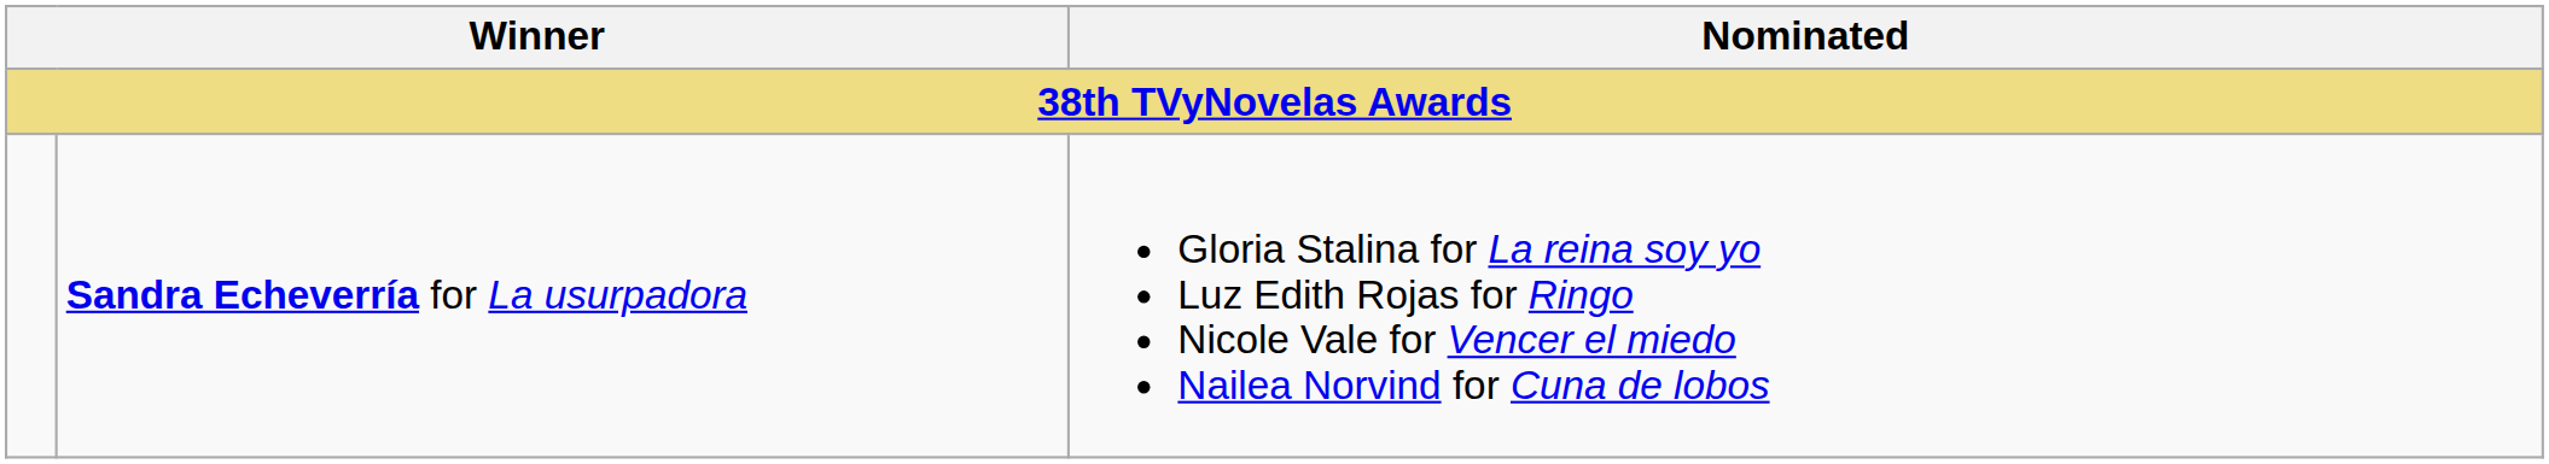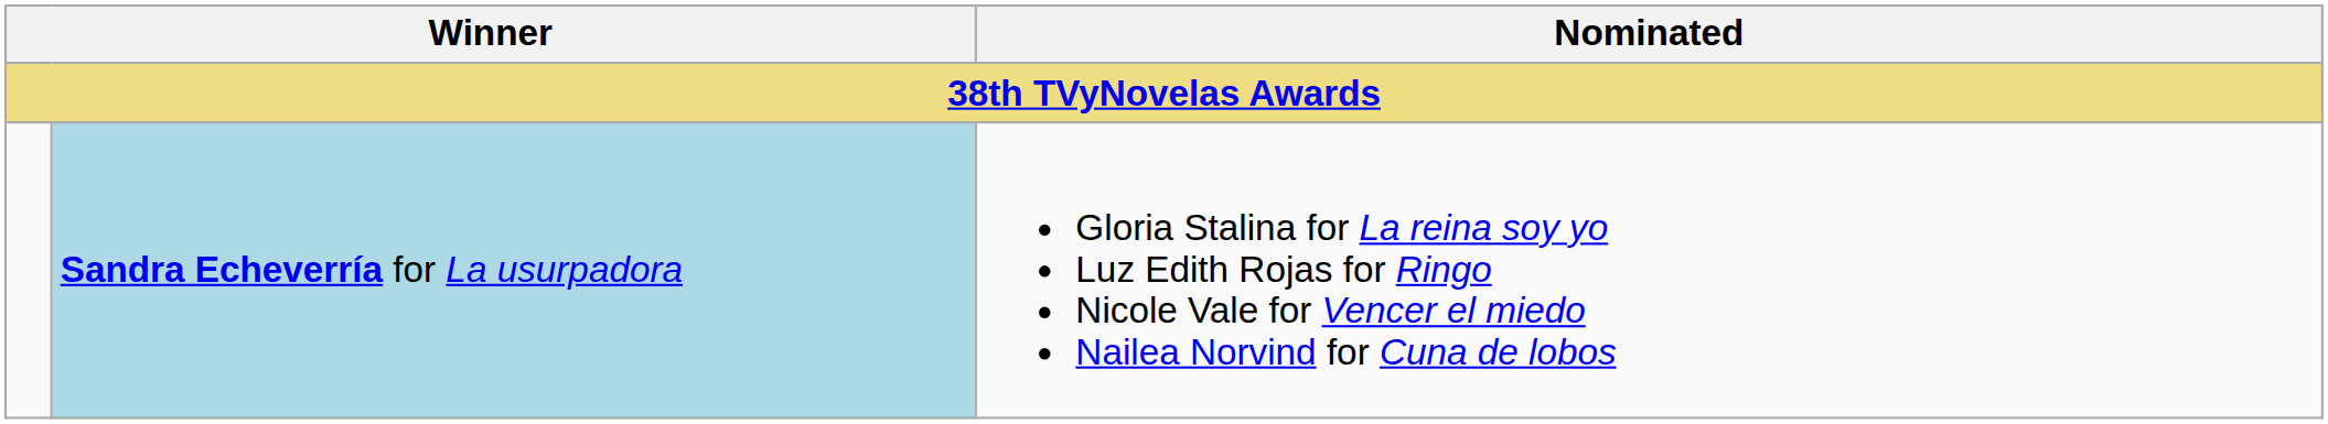 <table class="wikitable" width=80%>
 <tr align=center>
 <th width="150px;" colspan=2; align="center">Winner</th>
 <th width="580px;" align="center">Nominated</th>
 </tr>
 <tr>
 <th colspan=9 style="background:#EEDD82;"  align="center"><strong><a href='#'>38th TVyNovelas Awards</a></strong></th>
 </tr>
 <tr>
 <td width=2%></td>
-<td><strong><a href='#'>Sandra Echeverría</a></strong> for <em><a href='#'>La usurpadora</a></em></td>
+<td style="background: lightblue;"><strong><a href='#'>Sandra Echeverría</a></strong> for <em><a href='#'>La usurpadora</a></em></td>
 <td><br><ul><li>Gloria Stalina for <em><a href='#'>La reina soy yo</a></em></li><li>Luz Edith Rojas for <em><a href='#'>Ringo</a></em></li><li>Nicole Vale for <em><a href='#'>Vencer el miedo</a></em></li><li><a href='#'>Nailea Norvind</a> for <em><a href='#'>Cuna de lobos</a></em></li></ul></td>
 </tr>
 </table>
